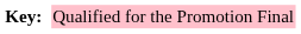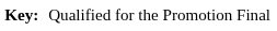 <table style="font-size: 85%;">
 <tr>
 <td height=5></td>
 </tr>
 <tr>
 <td><strong>Key:</strong></td>
 <td></td>
-<td style="background: pink;">Qualified for the Promotion Final</td>
+<td>Qualified for the Promotion Final</td>
 </tr>
 </table>
